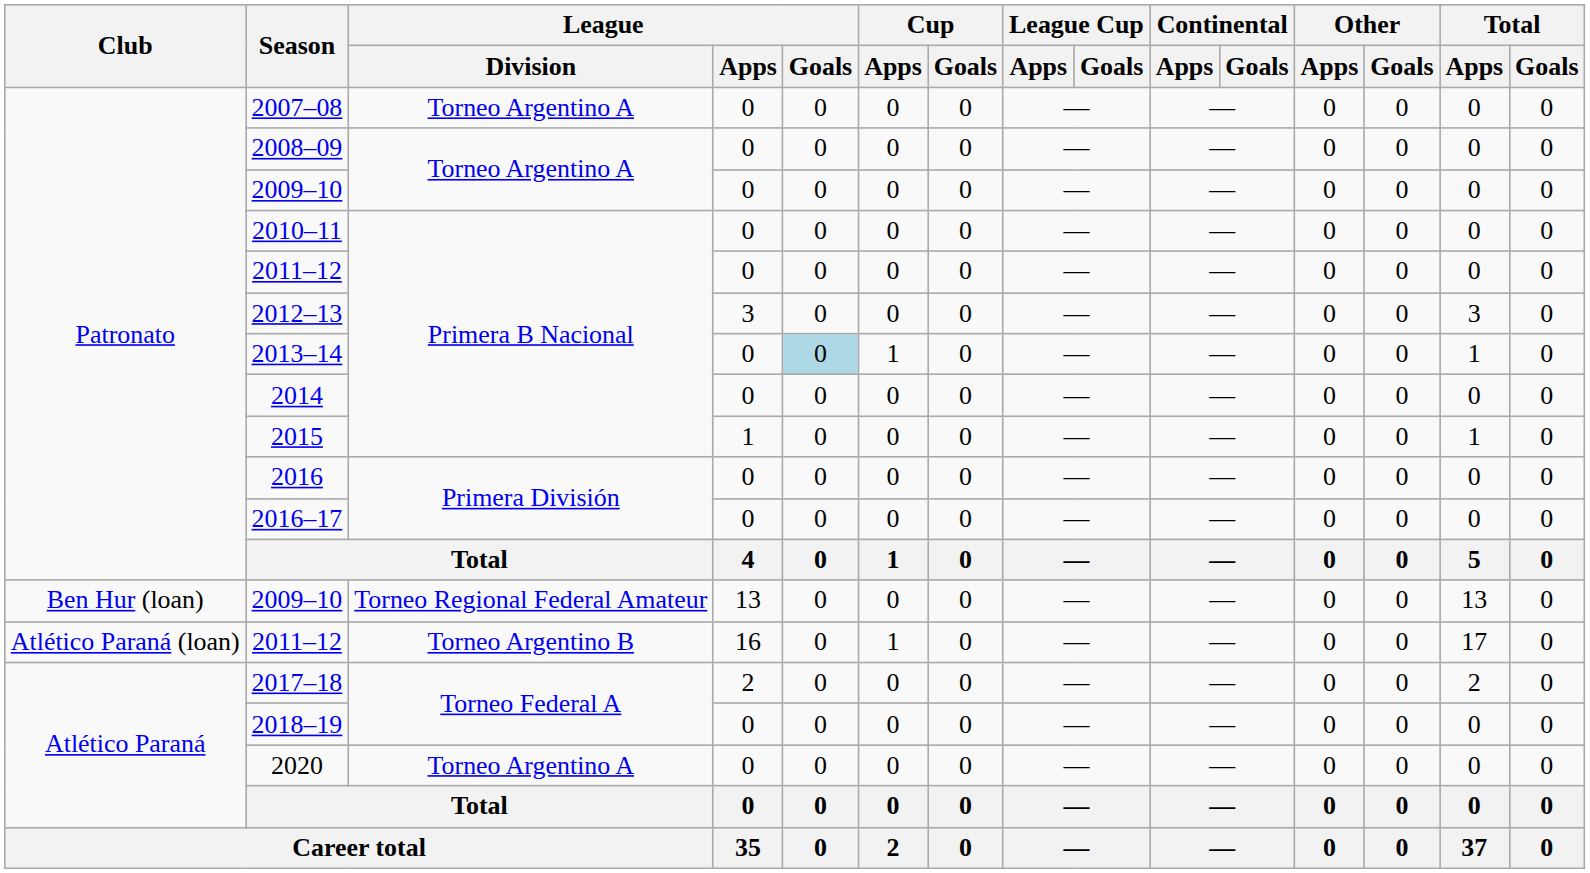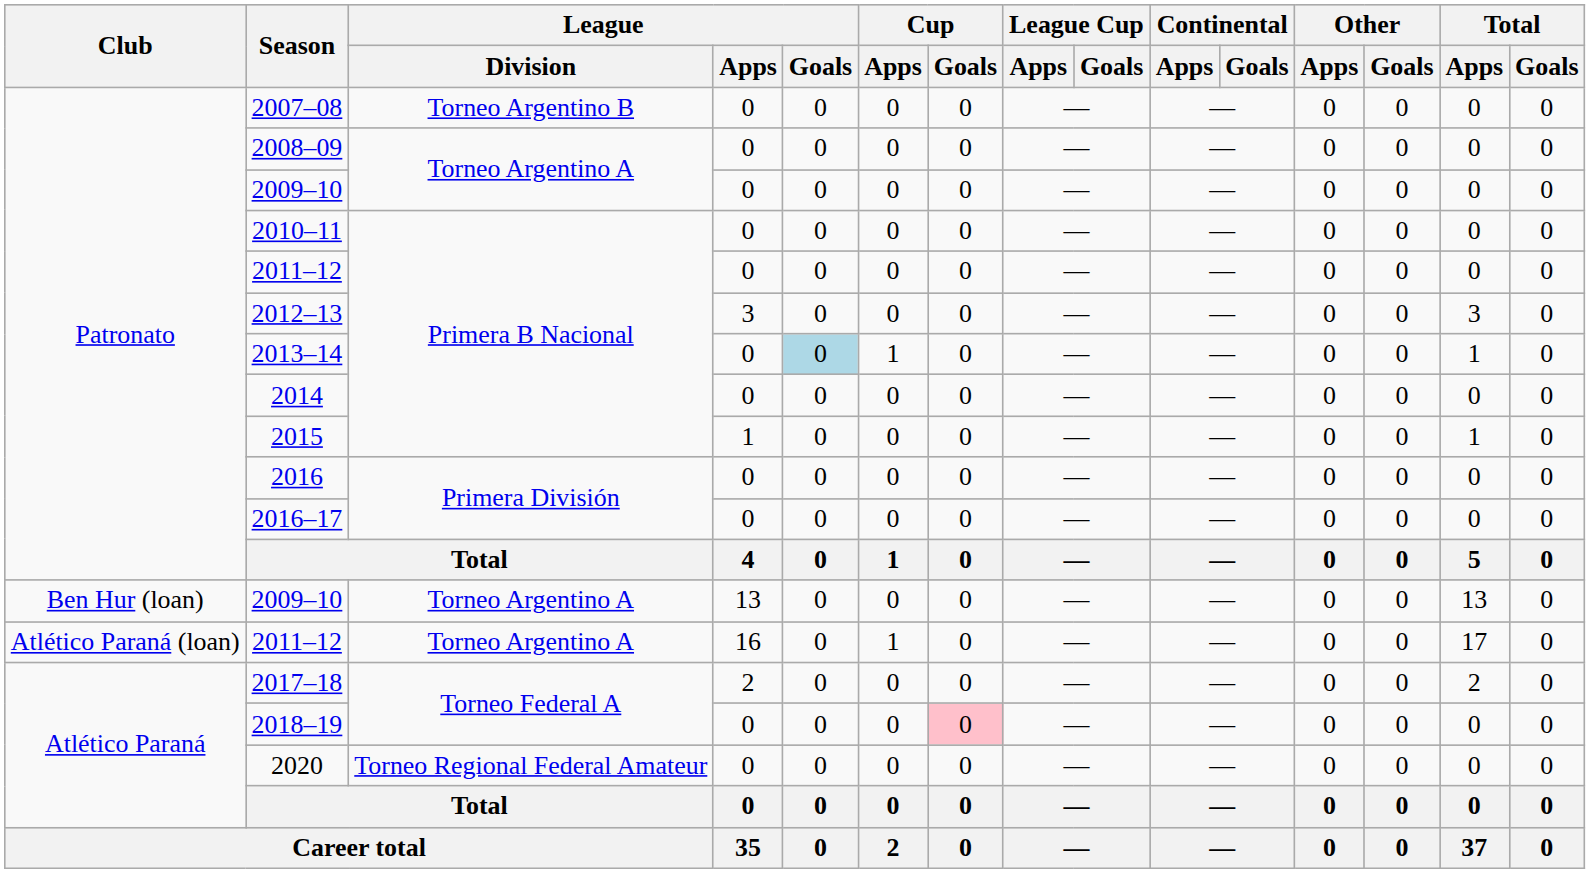 <table class="wikitable" style="text-align:center">
 <tr>
 <th rowspan="2">Club</th>
 <th rowspan="2">Season</th>
 <th colspan="3">League</th>
 <th colspan="2">Cup</th>
 <th colspan="2">League Cup</th>
 <th colspan="2">Continental</th>
 <th colspan="2">Other</th>
 <th colspan="2">Total</th>
 </tr>
 <tr>
 <th>Division</th>
 <th>Apps</th>
 <th>Goals</th>
 <th>Apps</th>
 <th>Goals</th>
 <th>Apps</th>
 <th>Goals</th>
 <th>Apps</th>
 <th>Goals</th>
 <th>Apps</th>
 <th>Goals</th>
 <th>Apps</th>
 <th>Goals</th>
 </tr>
 <tr>
 <td rowspan="12"><a href='#'>Patronato</a></td>
 <td><a href='#'>2007–08</a></td>
-<td rowspan="1"><a href='#'>Torneo Argentino A</a></td>
+<td rowspan="1"><a href='#'>Torneo Argentino B</a></td>
 <td>0</td>
 <td>0</td>
 <td>0</td>
 <td>0</td>
 <td colspan="2">—</td>
 <td colspan="2">—</td>
 <td>0</td>
 <td>0</td>
 <td>0</td>
 <td>0</td>
 </tr>
 <tr>
 <td><a href='#'>2008–09</a></td>
 <td rowspan="2"><a href='#'>Torneo Argentino A</a></td>
 <td>0</td>
 <td>0</td>
 <td>0</td>
 <td>0</td>
 <td colspan="2">—</td>
 <td colspan="2">—</td>
 <td>0</td>
 <td>0</td>
 <td>0</td>
 <td>0</td>
 </tr>
 <tr>
 <td><a href='#'>2009–10</a></td>
 <td>0</td>
 <td>0</td>
 <td>0</td>
 <td>0</td>
 <td colspan="2">—</td>
 <td colspan="2">—</td>
 <td>0</td>
 <td>0</td>
 <td>0</td>
 <td>0</td>
 </tr>
 <tr>
 <td><a href='#'>2010–11</a></td>
 <td rowspan="6"><a href='#'>Primera B Nacional</a></td>
 <td>0</td>
 <td>0</td>
 <td>0</td>
 <td>0</td>
 <td colspan="2">—</td>
 <td colspan="2">—</td>
 <td>0</td>
 <td>0</td>
 <td>0</td>
 <td>0</td>
 </tr>
 <tr>
 <td><a href='#'>2011–12</a></td>
 <td>0</td>
 <td>0</td>
 <td>0</td>
 <td>0</td>
 <td colspan="2">—</td>
 <td colspan="2">—</td>
 <td>0</td>
 <td>0</td>
 <td>0</td>
 <td>0</td>
 </tr>
 <tr>
 <td><a href='#'>2012–13</a></td>
 <td>3</td>
 <td>0</td>
 <td>0</td>
 <td>0</td>
 <td colspan="2">—</td>
 <td colspan="2">—</td>
 <td>0</td>
 <td>0</td>
 <td>3</td>
 <td>0</td>
 </tr>
 <tr>
 <td><a href='#'>2013–14</a></td>
 <td>0</td>
 <td style="background: lightblue;">0</td>
 <td>1</td>
 <td>0</td>
 <td colspan="2">—</td>
 <td colspan="2">—</td>
 <td>0</td>
 <td>0</td>
 <td>1</td>
 <td>0</td>
 </tr>
 <tr>
 <td><a href='#'>2014</a></td>
 <td>0</td>
 <td>0</td>
 <td>0</td>
 <td>0</td>
 <td colspan="2">—</td>
 <td colspan="2">—</td>
 <td>0</td>
 <td>0</td>
 <td>0</td>
 <td>0</td>
 </tr>
 <tr>
 <td><a href='#'>2015</a></td>
 <td>1</td>
 <td>0</td>
 <td>0</td>
 <td>0</td>
 <td colspan="2">—</td>
 <td colspan="2">—</td>
 <td>0</td>
 <td>0</td>
 <td>1</td>
 <td>0</td>
 </tr>
 <tr>
 <td><a href='#'>2016</a></td>
 <td rowspan="2"><a href='#'>Primera División</a></td>
 <td>0</td>
 <td>0</td>
 <td>0</td>
 <td>0</td>
 <td colspan="2">—</td>
 <td colspan="2">—</td>
 <td>0</td>
 <td>0</td>
 <td>0</td>
 <td>0</td>
 </tr>
 <tr>
 <td><a href='#'>2016–17</a></td>
 <td>0</td>
 <td>0</td>
 <td>0</td>
 <td>0</td>
 <td colspan="2">—</td>
 <td colspan="2">—</td>
 <td>0</td>
 <td>0</td>
 <td>0</td>
 <td>0</td>
 </tr>
 <tr>
 <th colspan="2">Total</th>
 <th>4</th>
 <th>0</th>
 <th>1</th>
 <th>0</th>
 <th colspan="2">—</th>
 <th colspan="2">—</th>
 <th>0</th>
 <th>0</th>
 <th>5</th>
 <th>0</th>
 </tr>
 <tr>
 <td rowspan="1"><a href='#'>Ben Hur</a> (loan)</td>
 <td><a href='#'>2009–10</a></td>
-<td rowspan="1"><a href='#'>Torneo Regional Federal Amateur</a></td>
+<td rowspan="1"><a href='#'>Torneo Argentino A</a></td>
 <td>13</td>
 <td>0</td>
 <td>0</td>
 <td>0</td>
 <td colspan="2">—</td>
 <td colspan="2">—</td>
 <td>0</td>
 <td>0</td>
 <td>13</td>
 <td>0</td>
 </tr>
 <tr>
 <td rowspan="1"><a href='#'>Atlético Paraná</a> (loan)</td>
 <td><a href='#'>2011–12</a></td>
-<td rowspan="1"><a href='#'>Torneo Argentino B</a></td>
+<td rowspan="1"><a href='#'>Torneo Argentino A</a></td>
 <td>16</td>
 <td>0</td>
 <td>1</td>
 <td>0</td>
 <td colspan="2">—</td>
 <td colspan="2">—</td>
 <td>0</td>
 <td>0</td>
 <td>17</td>
 <td>0</td>
 </tr>
 <tr>
 <td rowspan="4"><a href='#'>Atlético Paraná</a></td>
 <td><a href='#'>2017–18</a></td>
 <td rowspan="2"><a href='#'>Torneo Federal A</a></td>
 <td>2</td>
 <td>0</td>
 <td>0</td>
 <td>0</td>
 <td colspan="2">—</td>
 <td colspan="2">—</td>
 <td>0</td>
 <td>0</td>
 <td>2</td>
 <td>0</td>
 </tr>
 <tr>
 <td><a href='#'>2018–19</a></td>
 <td>0</td>
 <td>0</td>
 <td>0</td>
-<td>0</td>
+<td style="background: pink;">0</td>
 <td colspan="2">—</td>
 <td colspan="2">—</td>
 <td>0</td>
 <td>0</td>
 <td>0</td>
 <td>0</td>
 </tr>
 <tr>
 <td>2020</td>
-<td rowspan="1"><a href='#'>Torneo Argentino A</a></td>
+<td rowspan="1"><a href='#'>Torneo Regional Federal Amateur</a></td>
 <td>0</td>
 <td>0</td>
 <td>0</td>
 <td>0</td>
 <td colspan="2">—</td>
 <td colspan="2">—</td>
 <td>0</td>
 <td>0</td>
 <td>0</td>
 <td>0</td>
 </tr>
 <tr>
 <th colspan="2">Total</th>
 <th>0</th>
 <th>0</th>
 <th>0</th>
 <th>0</th>
 <th colspan="2">—</th>
 <th colspan="2">—</th>
 <th>0</th>
 <th>0</th>
 <th>0</th>
 <th>0</th>
 </tr>
 <tr>
 <th colspan="3">Career total</th>
 <th>35</th>
 <th>0</th>
 <th>2</th>
 <th>0</th>
 <th colspan="2">—</th>
 <th colspan="2">—</th>
 <th>0</th>
 <th>0</th>
 <th>37</th>
 <th>0</th>
 </tr>
 </table>
